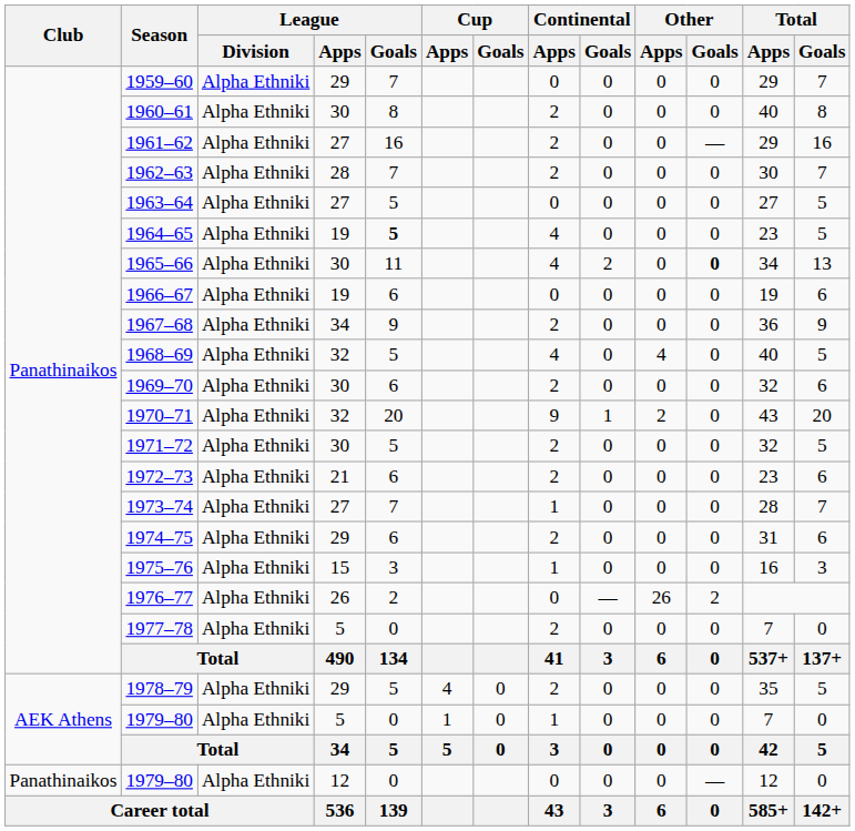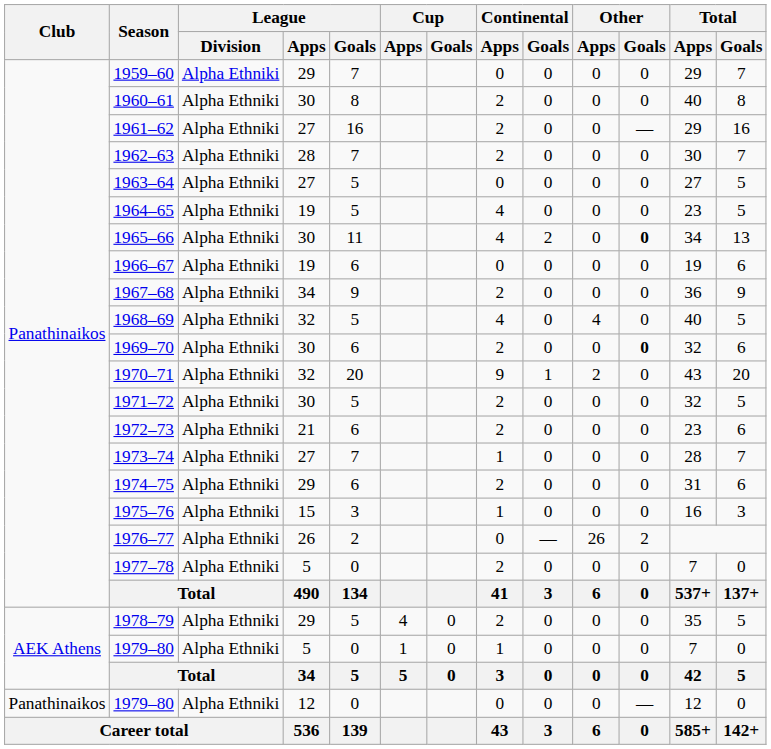 <table class="wikitable" style="text-align:center">
 <tr>
 <th rowspan="2">Club</th>
 <th rowspan="2">Season</th>
 <th colspan="3">League</th>
 <th colspan="2">Cup</th>
 <th colspan="2">Continental</th>
 <th colspan="2">Other</th>
 <th colspan="2">Total</th>
 </tr>
 <tr>
 <th>Division</th>
 <th>Apps</th>
 <th>Goals</th>
 <th>Apps</th>
 <th>Goals</th>
 <th>Apps</th>
 <th>Goals</th>
 <th>Apps</th>
 <th>Goals</th>
 <th>Apps</th>
 <th>Goals</th>
 </tr>
 <tr>
 <td rowspan="20"><a href='#'>Panathinaikos</a></td>
 <td><a href='#'>1959–60</a></td>
 <td><a href='#'>Alpha Ethniki</a></td>
 <td>29</td>
 <td>7</td>
 <td></td>
 <td></td>
 <td>0</td>
 <td>0</td>
 <td>0</td>
 <td>0</td>
 <td>29</td>
 <td>7</td>
 </tr>
 <tr>
 <td><a href='#'>1960–61</a></td>
 <td>Alpha Ethniki</td>
 <td>30</td>
 <td>8</td>
 <td></td>
 <td></td>
 <td>2</td>
 <td>0</td>
 <td>0</td>
 <td>0</td>
 <td>40</td>
 <td>8</td>
 </tr>
 <tr>
 <td><a href='#'>1961–62</a></td>
 <td>Alpha Ethniki</td>
 <td>27</td>
 <td>16</td>
 <td></td>
 <td></td>
 <td>2</td>
 <td>0</td>
 <td>0</td>
 <td 0>—</td>
 <td>29</td>
 <td>16</td>
 </tr>
 <tr>
 <td><a href='#'>1962–63</a></td>
 <td>Alpha Ethniki</td>
 <td>28</td>
 <td>7</td>
 <td></td>
 <td></td>
 <td>2</td>
 <td>0</td>
 <td>0</td>
 <td>0</td>
 <td>30</td>
 <td>7</td>
 </tr>
 <tr>
 <td><a href='#'>1963–64</a></td>
 <td>Alpha Ethniki</td>
 <td>27</td>
 <td>5</td>
 <td></td>
 <td></td>
 <td>0</td>
 <td>0</td>
 <td>0</td>
 <td>0</td>
 <td>27</td>
 <td>5</td>
 </tr>
 <tr>
 <td><a href='#'>1964–65</a></td>
 <td>Alpha Ethniki</td>
 <td>19</td>
-<td><strong>5</strong></td>
+<td>5</td>
 <td></td>
 <td></td>
 <td>4</td>
 <td>0</td>
 <td>0</td>
 <td>0</td>
 <td>23</td>
 <td>5</td>
 </tr>
 <tr>
 <td><a href='#'>1965–66</a></td>
 <td>Alpha Ethniki</td>
 <td>30</td>
 <td>11</td>
 <td></td>
 <td></td>
 <td>4</td>
 <td>2</td>
 <td>0</td>
 <td><strong>0</strong></td>
 <td>34</td>
 <td>13</td>
 </tr>
 <tr>
 <td><a href='#'>1966–67</a></td>
 <td>Alpha Ethniki</td>
 <td>19</td>
 <td>6</td>
 <td></td>
 <td></td>
 <td>0</td>
 <td>0</td>
 <td>0</td>
 <td>0</td>
 <td>19</td>
 <td>6</td>
 </tr>
 <tr>
 <td><a href='#'>1967–68</a></td>
 <td>Alpha Ethniki</td>
 <td>34</td>
 <td>9</td>
 <td></td>
 <td></td>
 <td>2</td>
 <td>0</td>
 <td>0</td>
 <td>0</td>
 <td>36</td>
 <td>9</td>
 </tr>
 <tr>
 <td><a href='#'>1968–69</a></td>
 <td>Alpha Ethniki</td>
 <td>32</td>
 <td>5</td>
 <td></td>
 <td></td>
 <td>4</td>
 <td>0</td>
 <td>4</td>
 <td>0</td>
 <td>40</td>
 <td>5</td>
 </tr>
 <tr>
 <td><a href='#'>1969–70</a></td>
 <td>Alpha Ethniki</td>
 <td>30</td>
 <td>6</td>
 <td></td>
 <td></td>
 <td>2</td>
 <td>0</td>
 <td>0</td>
-<td>0</td>
+<td><strong>0</strong></td>
 <td>32</td>
 <td>6</td>
 </tr>
 <tr>
 <td><a href='#'>1970–71</a></td>
 <td>Alpha Ethniki</td>
 <td>32</td>
 <td>20</td>
 <td></td>
 <td></td>
 <td>9</td>
 <td>1</td>
 <td>2</td>
 <td>0</td>
 <td>43</td>
 <td>20</td>
 </tr>
 <tr>
 <td><a href='#'>1971–72</a></td>
 <td>Alpha Ethniki</td>
 <td>30</td>
 <td>5</td>
 <td></td>
 <td></td>
 <td>2</td>
 <td>0</td>
 <td>0</td>
 <td>0</td>
 <td>32</td>
 <td>5</td>
 </tr>
 <tr>
 <td><a href='#'>1972–73</a></td>
 <td>Alpha Ethniki</td>
 <td>21</td>
 <td>6</td>
 <td></td>
 <td></td>
 <td>2</td>
 <td>0</td>
 <td>0</td>
 <td>0</td>
 <td>23</td>
 <td>6</td>
 </tr>
 <tr>
 <td><a href='#'>1973–74</a></td>
 <td>Alpha Ethniki</td>
 <td>27</td>
 <td>7</td>
 <td></td>
 <td></td>
 <td>1</td>
 <td>0</td>
 <td>0</td>
 <td>0</td>
 <td>28</td>
 <td>7</td>
 </tr>
 <tr>
 <td><a href='#'>1974–75</a></td>
 <td>Alpha Ethniki</td>
 <td>29</td>
 <td>6</td>
 <td></td>
 <td></td>
 <td>2</td>
 <td>0</td>
 <td>0</td>
 <td>0</td>
 <td>31</td>
 <td>6</td>
 </tr>
 <tr>
 <td><a href='#'>1975–76</a></td>
 <td>Alpha Ethniki</td>
 <td>15</td>
 <td>3</td>
 <td></td>
 <td></td>
 <td>1</td>
 <td>0</td>
 <td>0</td>
 <td>0</td>
 <td>16</td>
 <td>3</td>
 </tr>
 <tr>
 <td><a href='#'>1976–77</a></td>
 <td>Alpha Ethniki</td>
 <td>26</td>
 <td>2</td>
 <td></td>
 <td></td>
 <td>0</td>
 <td 0>—</td>
 <td>26</td>
 <td>2</td>
 </tr>
 <tr>
 <td><a href='#'>1977–78</a></td>
 <td>Alpha Ethniki</td>
 <td>5</td>
 <td>0</td>
 <td></td>
 <td></td>
 <td>2</td>
 <td>0</td>
 <td>0</td>
 <td>0</td>
 <td>7</td>
 <td>0</td>
 </tr>
 <tr>
 <th colspan="2">Total</th>
 <th>490</th>
 <th>134</th>
 <th></th>
 <th></th>
 <th>41</th>
 <th>3</th>
 <th>6</th>
 <th>0</th>
 <th>537+</th>
 <th>137+</th>
 </tr>
 <tr>
 <td rowspan="3"><a href='#'>AEK Athens</a></td>
 <td><a href='#'>1978–79</a></td>
 <td>Alpha Ethniki</td>
 <td>29</td>
 <td>5</td>
 <td>4</td>
 <td>0</td>
 <td>2</td>
 <td>0</td>
 <td>0</td>
 <td>0</td>
 <td>35</td>
 <td>5</td>
 </tr>
 <tr>
 <td><a href='#'>1979–80</a></td>
 <td>Alpha Ethniki</td>
 <td>5</td>
 <td>0</td>
 <td>1</td>
 <td>0</td>
 <td>1</td>
 <td>0</td>
 <td>0</td>
 <td>0</td>
 <td>7</td>
 <td>0</td>
 </tr>
 <tr>
 <th colspan="2">Total</th>
 <th>34</th>
 <th>5</th>
 <th>5</th>
 <th>0</th>
 <th>3</th>
 <th>0</th>
 <th>0</th>
 <th>0</th>
 <th>42</th>
 <th>5</th>
 </tr>
 <tr>
 <td>Panathinaikos</td>
 <td><a href='#'>1979–80</a></td>
 <td>Alpha Ethniki</td>
 <td>12</td>
 <td>0</td>
 <td></td>
 <td></td>
 <td>0</td>
 <td>0</td>
 <td>0</td>
 <td 0>—</td>
 <td>12</td>
 <td>0</td>
 </tr>
 <tr>
 <th colspan="3">Career total</th>
 <th>536</th>
 <th>139</th>
 <th></th>
 <th></th>
 <th>43</th>
 <th>3</th>
 <th>6</th>
 <th>0</th>
 <th>585+</th>
 <th>142+</th>
 </tr>
 </table>
